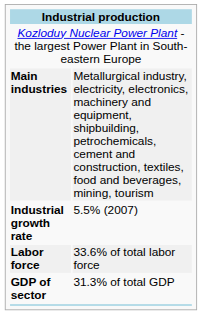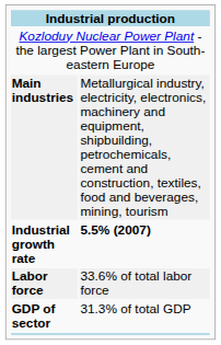 <table width="25%" style="toc: 25em; font-size: 85%; lucida grande, sans-serif; text-align: left;" class="infobox">
 <tr>
 <th align="center" bgcolor="lightblue" colspan="3">Industrial production</th>
 </tr>
 <tr>
 <td colspan="2" style="text-align:center"><em><a href='#'>Kozloduy Nuclear Power Plant</a></em> - the largest Power Plant in South-eastern Europe</td>
 </tr>
 <tr>
 <th style="background:#f0f0f0;" align="left" valign="top">Main industries</th>
 <td style="background:#f0f0f0;" valign="top">Metallurgical industry, electricity, electronics, machinery and equipment, shipbuilding, petrochemicals, cement and construction, textiles, food and beverages, mining, tourism</td>
 </tr>
 <tr>
 <th align="left" valign="top">Industrial growth rate</th>
-<td valign="top">5.5% (2007)</td>
+<td valign="top"><strong>5.5% (2007)</strong></td>
 </tr>
 <tr>
 <th style="background:#f0f0f0;" align="left" valign="top">Labor force</th>
 <td style="background:#f0f0f0;" valign="top">33.6% of total labor force</td>
 </tr>
 <tr>
 <th align="left" valign="top">GDP of sector</th>
 <td valign="top">31.3% of total GDP</td>
 </tr>
 <tr>
 <td align="center" bgcolor="lightblue" colspan="2"></td>
 </tr>
 </table>
